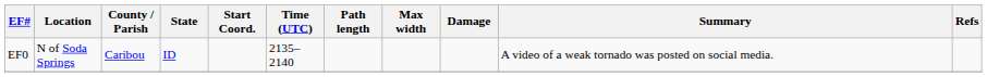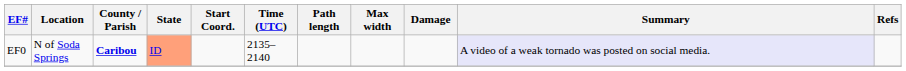 <table class="wikitable sortable" style="width:100%;">
 <tr>
 <th scope="col" width="3%" align="center"><a href='#'>EF#</a></th>
 <th scope="col" width="7%" align="center" class="unsortable">Location</th>
 <th scope="col" width="6%" align="center" class="unsortable">County / Parish</th>
 <th scope="col" width="5%" align="center">State</th>
 <th scope="col" width="6%" align="center">Start Coord.</th>
 <th scope="col" width="6%" align="center">Time (<a href='#'>UTC</a>)</th>
 <th scope="col" width="6%" align="center">Path length</th>
 <th scope="col" width="6%" align="center">Max width</th>
 <th scope="col" width="6%" align="center">Damage</th>
 <th scope="col" width="48%" class="unsortable" align="center">Summary</th>
 <th scope="col" width="48%" class="unsortable" align="center">Refs</th>
 </tr>
 <tr>
 <td>EF0</td>
 <td>N of <a href='#'>Soda Springs</a></td>
-<td><a href='#'>Caribou</a></td>
-<td><a href='#'>ID</a></td>
+<td><strong><a href='#'>Caribou</a></strong></td>
+<td style="background: lightsalmon;"><a href='#'>ID</a></td>
 <td></td>
 <td>2135–2140</td>
 <td></td>
 <td></td>
 <td></td>
-<td>A video of a weak tornado was posted on social media.</td>
+<td style="background: lavender;">A video of a weak tornado was posted on social media.</td>
 <td></td>
 </tr>
 <tr>
 </tr>
 </table>
